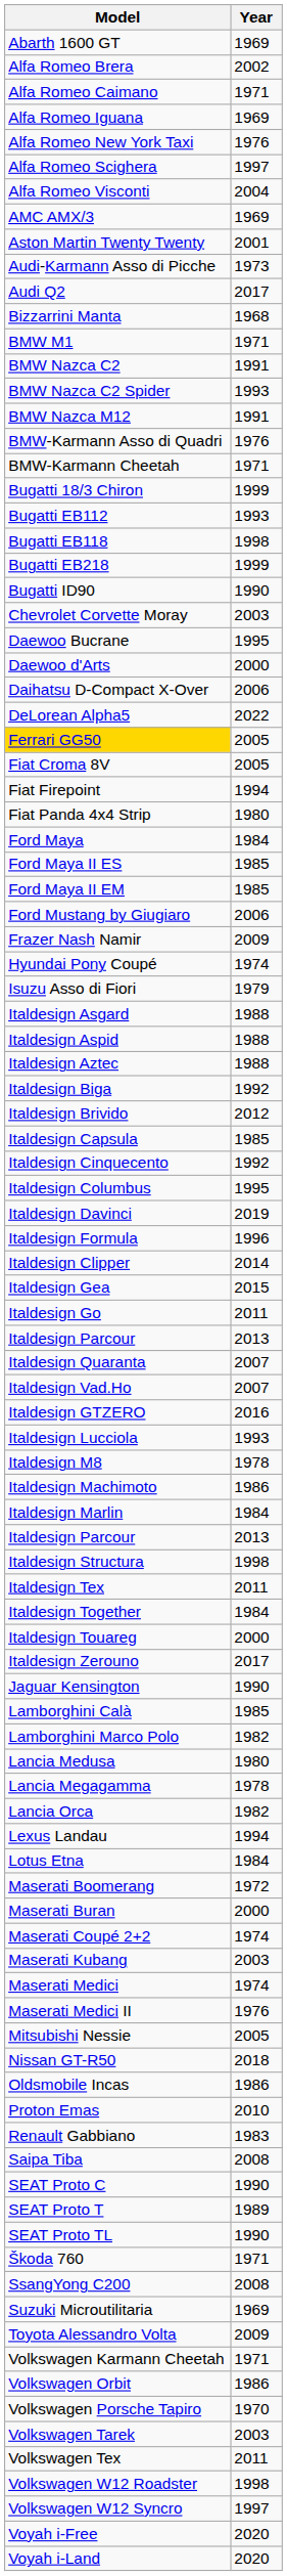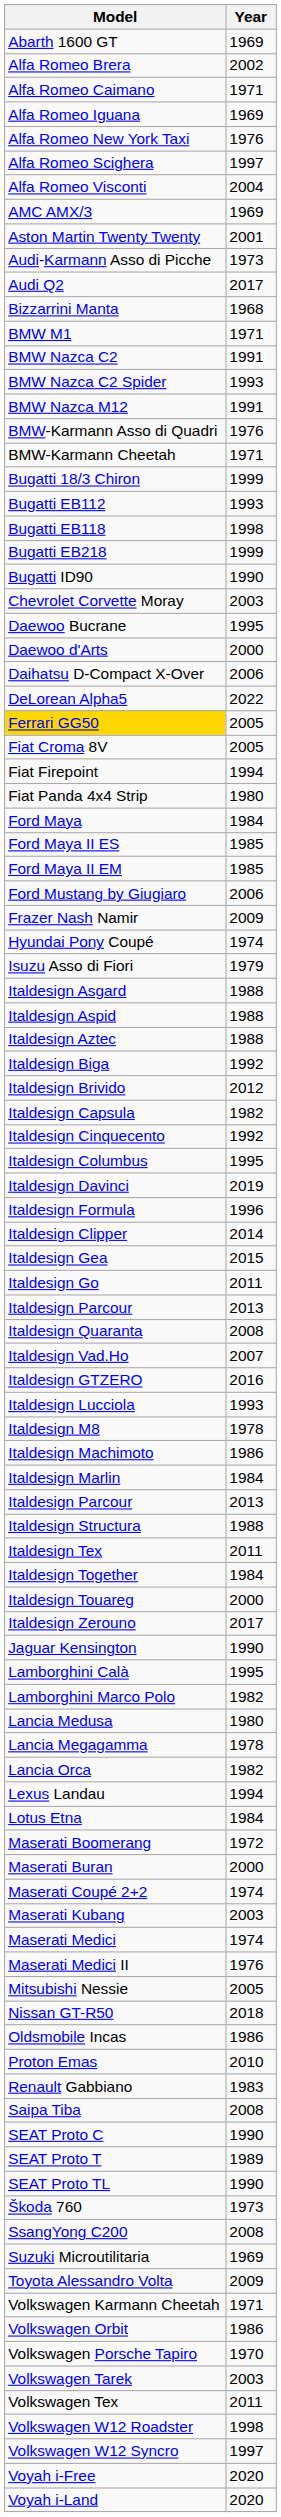 <table class="wikitable sortable" style="font-size:90%">
 <tr>
 <th width=200px>Model</th>
 <th width=40px>Year</th>
 </tr>
 <tr>
 <td><a href='#'>Abarth</a> 1600 GT</td>
 <td>1969</td>
 </tr>
 <tr>
 <td><a href='#'>Alfa Romeo Brera</a></td>
 <td>2002</td>
 </tr>
 <tr>
 <td><a href='#'>Alfa Romeo Caimano</a></td>
 <td>1971</td>
 </tr>
 <tr>
 <td><a href='#'>Alfa Romeo Iguana</a></td>
 <td>1969</td>
 </tr>
 <tr>
 <td><a href='#'>Alfa Romeo New York Taxi</a></td>
 <td>1976</td>
 </tr>
 <tr>
 <td><a href='#'>Alfa Romeo Scighera</a></td>
 <td>1997</td>
 </tr>
 <tr>
 <td><a href='#'>Alfa Romeo Visconti</a></td>
 <td>2004</td>
 </tr>
 <tr>
 <td><a href='#'>AMC AMX/3</a></td>
 <td>1969</td>
 </tr>
 <tr>
 <td><a href='#'>Aston Martin Twenty Twenty</a></td>
 <td>2001</td>
 </tr>
 <tr>
 <td><a href='#'>Audi</a>-<a href='#'>Karmann</a> Asso di Picche</td>
 <td>1973</td>
 </tr>
 <tr>
 <td><a href='#'>Audi Q2</a></td>
 <td>2017</td>
 </tr>
 <tr>
 <td><a href='#'>Bizzarrini Manta</a></td>
 <td>1968</td>
 </tr>
 <tr>
 <td><a href='#'>BMW M1</a></td>
 <td>1971</td>
 </tr>
 <tr>
 <td><a href='#'>BMW Nazca C2</a></td>
 <td>1991</td>
 </tr>
 <tr>
 <td><a href='#'>BMW Nazca C2 Spider</a></td>
 <td>1993</td>
 </tr>
 <tr>
 <td><a href='#'>BMW Nazca M12</a></td>
 <td>1991</td>
 </tr>
 <tr>
 <td><a href='#'>BMW</a>-Karmann Asso di Quadri</td>
 <td>1976</td>
 </tr>
 <tr>
 <td>BMW-Karmann Cheetah</td>
 <td>1971</td>
 </tr>
 <tr>
 <td><a href='#'>Bugatti 18/3 Chiron</a></td>
 <td>1999</td>
 </tr>
 <tr>
 <td><a href='#'>Bugatti EB112</a></td>
 <td>1993</td>
 </tr>
 <tr>
 <td><a href='#'>Bugatti EB118</a></td>
 <td>1998</td>
 </tr>
 <tr>
 <td><a href='#'>Bugatti EB218</a></td>
 <td>1999</td>
 </tr>
 <tr>
 <td><a href='#'>Bugatti</a> ID90</td>
 <td>1990</td>
 </tr>
 <tr>
 <td><a href='#'>Chevrolet Corvette</a> Moray</td>
 <td>2003</td>
 </tr>
 <tr>
 <td><a href='#'>Daewoo</a> Bucrane</td>
 <td>1995</td>
 </tr>
 <tr>
 <td><a href='#'>Daewoo d'Arts</a></td>
 <td>2000</td>
 </tr>
 <tr>
 <td><a href='#'>Daihatsu</a> D-Compact X-Over</td>
 <td>2006</td>
 </tr>
 <tr>
 <td><a href='#'>DeLorean Alpha5</a></td>
 <td>2022</td>
 </tr>
 <tr>
 <td style="background: gold;"><a href='#'>Ferrari GG50</a></td>
 <td>2005</td>
 </tr>
 <tr>
 <td><a href='#'>Fiat Croma</a> 8V</td>
 <td>2005</td>
 </tr>
 <tr>
 <td>Fiat Firepoint</td>
 <td>1994</td>
 </tr>
 <tr>
 <td>Fiat Panda 4x4 Strip</td>
 <td>1980</td>
 </tr>
 <tr>
 <td><a href='#'>Ford Maya</a></td>
 <td>1984</td>
 </tr>
 <tr>
 <td><a href='#'>Ford Maya II ES</a></td>
 <td>1985</td>
 </tr>
 <tr>
 <td><a href='#'>Ford Maya II EM</a></td>
 <td>1985</td>
 </tr>
 <tr>
 <td><a href='#'>Ford Mustang by Giugiaro</a></td>
 <td>2006</td>
 </tr>
 <tr>
 <td><a href='#'>Frazer Nash</a> Namir</td>
 <td>2009</td>
 </tr>
 <tr>
 <td><a href='#'>Hyundai Pony</a> Coupé</td>
 <td>1974</td>
 </tr>
 <tr>
 <td><a href='#'>Isuzu</a> Asso di Fiori</td>
 <td>1979</td>
 </tr>
 <tr>
 <td><a href='#'>Italdesign Asgard</a></td>
 <td>1988</td>
 </tr>
 <tr>
 <td><a href='#'>Italdesign Aspid</a></td>
 <td>1988</td>
 </tr>
 <tr>
 <td><a href='#'>Italdesign Aztec</a></td>
 <td>1988</td>
 </tr>
 <tr>
 <td><a href='#'>Italdesign Biga</a></td>
 <td>1992</td>
 </tr>
 <tr>
 <td><a href='#'>Italdesign Brivido</a></td>
 <td>2012</td>
 </tr>
 <tr>
 <td><a href='#'>Italdesign Capsula</a></td>
-<td>1985</td>
+<td>1982</td>
 </tr>
 <tr>
 <td><a href='#'>Italdesign Cinquecento</a></td>
 <td>1992</td>
 </tr>
 <tr>
 <td><a href='#'>Italdesign Columbus</a></td>
 <td>1995</td>
 </tr>
 <tr>
 <td><a href='#'>Italdesign Davinci</a></td>
 <td>2019</td>
 </tr>
 <tr>
 <td><a href='#'>Italdesign Formula</a></td>
 <td>1996</td>
 </tr>
 <tr>
 <td><a href='#'>Italdesign Clipper</a></td>
 <td>2014</td>
 </tr>
 <tr>
 <td><a href='#'>Italdesign Gea</a></td>
 <td>2015</td>
 </tr>
 <tr>
 <td><a href='#'>Italdesign Go</a></td>
 <td>2011</td>
 </tr>
 <tr>
 <td><a href='#'>Italdesign Parcour</a></td>
 <td>2013</td>
 </tr>
 <tr>
 <td><a href='#'>Italdesign Quaranta</a></td>
-<td>2007</td>
+<td>2008</td>
 </tr>
 <tr>
 <td><a href='#'>Italdesign Vad.Ho</a></td>
 <td>2007</td>
 </tr>
 <tr>
 <td><a href='#'>Italdesign GTZERO</a></td>
 <td>2016</td>
 </tr>
 <tr>
 <td><a href='#'>Italdesign Lucciola</a></td>
 <td>1993</td>
 </tr>
 <tr>
 <td><a href='#'>Italdesign M8</a></td>
 <td>1978</td>
 </tr>
 <tr>
 <td><a href='#'>Italdesign Machimoto</a></td>
 <td>1986</td>
 </tr>
 <tr>
 <td><a href='#'>Italdesign Marlin</a></td>
 <td>1984</td>
 </tr>
 <tr>
 <td><a href='#'>Italdesign Parcour</a></td>
 <td>2013</td>
 </tr>
 <tr>
 <td><a href='#'>Italdesign Structura</a></td>
-<td>1998</td>
+<td>1988</td>
 </tr>
 <tr>
 <td><a href='#'>Italdesign Tex</a></td>
 <td>2011</td>
 </tr>
 <tr>
 <td><a href='#'>Italdesign Together</a></td>
 <td>1984</td>
 </tr>
 <tr>
 <td><a href='#'>Italdesign Touareg</a></td>
 <td>2000</td>
 </tr>
 <tr>
 <td><a href='#'>Italdesign Zerouno</a></td>
 <td>2017</td>
 </tr>
 <tr>
 <td><a href='#'>Jaguar Kensington</a></td>
 <td>1990</td>
 </tr>
 <tr>
 <td><a href='#'>Lamborghini Calà</a></td>
-<td>1985</td>
+<td>1995</td>
 </tr>
 <tr>
 <td><a href='#'>Lamborghini Marco Polo</a></td>
 <td>1982</td>
 </tr>
 <tr>
 <td><a href='#'>Lancia Medusa</a></td>
 <td>1980</td>
 </tr>
 <tr>
 <td><a href='#'>Lancia Megagamma</a></td>
 <td>1978</td>
 </tr>
 <tr>
 <td><a href='#'>Lancia Orca</a></td>
 <td>1982</td>
 </tr>
 <tr>
 <td><a href='#'>Lexus</a> Landau</td>
 <td>1994</td>
 </tr>
 <tr>
 <td><a href='#'>Lotus Etna</a></td>
 <td>1984</td>
 </tr>
 <tr>
 <td><a href='#'>Maserati Boomerang</a></td>
 <td>1972</td>
 </tr>
 <tr>
 <td><a href='#'>Maserati Buran</a></td>
 <td>2000</td>
 </tr>
 <tr>
 <td><a href='#'>Maserati Coupé 2+2</a></td>
 <td>1974</td>
 </tr>
 <tr>
 <td><a href='#'>Maserati Kubang</a></td>
 <td>2003</td>
 </tr>
 <tr>
 <td><a href='#'>Maserati Medici</a></td>
 <td>1974</td>
 </tr>
 <tr>
 <td><a href='#'>Maserati Medici</a> II</td>
 <td>1976</td>
 </tr>
 <tr>
 <td><a href='#'>Mitsubishi</a> Nessie</td>
 <td>2005</td>
 </tr>
 <tr>
 <td><a href='#'>Nissan GT-R50</a></td>
 <td>2018</td>
 </tr>
 <tr>
 <td><a href='#'>Oldsmobile</a> Incas</td>
 <td>1986</td>
 </tr>
 <tr>
 <td><a href='#'>Proton Emas</a></td>
 <td>2010</td>
 </tr>
 <tr>
 <td><a href='#'>Renault</a> Gabbiano</td>
 <td>1983</td>
 </tr>
 <tr>
 <td><a href='#'>Saipa Tiba</a></td>
 <td>2008</td>
 </tr>
 <tr>
 <td><a href='#'>SEAT Proto C</a></td>
 <td>1990</td>
 </tr>
 <tr>
 <td><a href='#'>SEAT Proto T</a></td>
 <td>1989</td>
 </tr>
 <tr>
 <td><a href='#'>SEAT Proto TL</a></td>
 <td>1990</td>
 </tr>
 <tr>
 <td><a href='#'>Škoda</a> 760</td>
-<td>1971</td>
+<td>1973</td>
 </tr>
 <tr>
 <td><a href='#'>SsangYong C200</a></td>
 <td>2008</td>
 </tr>
 <tr>
 <td><a href='#'>Suzuki</a> Microutilitaria</td>
 <td>1969</td>
 </tr>
 <tr>
 <td><a href='#'>Toyota Alessandro Volta</a></td>
 <td>2009</td>
 </tr>
 <tr>
 <td>Volkswagen Karmann Cheetah</td>
 <td>1971</td>
 </tr>
 <tr>
 <td><a href='#'>Volkswagen Orbit</a></td>
 <td>1986</td>
 </tr>
 <tr>
 <td>Volkswagen <a href='#'>Porsche Tapiro</a></td>
 <td>1970</td>
 </tr>
 <tr>
 <td><a href='#'>Volkswagen Tarek</a></td>
 <td>2003</td>
 </tr>
 <tr>
 <td>Volkswagen Tex</td>
 <td>2011</td>
 </tr>
 <tr>
 <td><a href='#'>Volkswagen W12 Roadster</a></td>
 <td>1998</td>
 </tr>
 <tr>
 <td><a href='#'>Volkswagen W12 Syncro</a></td>
 <td>1997</td>
 </tr>
 <tr>
 <td><a href='#'>Voyah i-Free</a></td>
 <td>2020</td>
 </tr>
 <tr>
 <td><a href='#'>Voyah i-Land</a></td>
 <td>2020</td>
 </tr>
 </table>
